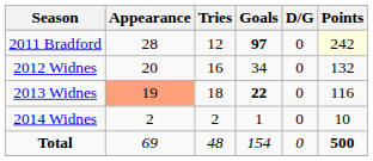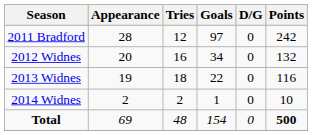 <table class="wikitable" style="text-align:center;">
 <tr bgcolor=#bdb76b>
 <th>Season</th>
 <th>Appearance</th>
 <th>Tries</th>
 <th>Goals</th>
 <th>D/G</th>
 <th>Points</th>
 </tr>
 <tr>
 <td><a href='#'>2011 Bradford</a></td>
 <td>28</td>
 <td>12</td>
-<td><strong>97</strong></td>
+<td>97</td>
 <td>0</td>
-<td style="background: lightyellow;">242</td>
+<td>242</td>
 </tr>
 <tr>
 <td><a href='#'>2012 Widnes</a></td>
 <td>20</td>
 <td>16</td>
 <td>34</td>
 <td>0</td>
 <td>132</td>
 </tr>
 <tr>
 <td><a href='#'>2013 Widnes</a></td>
-<td style="background: lightsalmon;">19</td>
+<td>19</td>
 <td>18</td>
-<td><strong>22</strong></td>
+<td>22</td>
 <td>0</td>
 <td>116</td>
 </tr>
 <tr>
 <td><a href='#'>2014 Widnes</a></td>
 <td>2</td>
 <td>2</td>
 <td>1</td>
 <td>0</td>
 <td>10</td>
 </tr>
 <tr>
 <td><strong>Total</strong></td>
 <td><em>69</em></td>
 <td><em>48</em></td>
 <td><em>154</em></td>
 <td><em>0</em></td>
 <td><strong>500</strong></td>
 </tr>
 <tr>
 </tr>
 </table>
